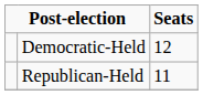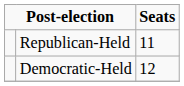 <table class= "wikitable">
 <tr>
 <td colspan= "2" rowspan= "1" align= "center" valign= "top"><strong>Post-election</strong></td>
 <td valign= "top"><strong>Seats</strong><br></td>
 </tr>
 <tr>
 <td style="background-color:"> </td>
+<td>Republican-Held</td>
+<td>11</td>
+</tr>
+<tr>
+<td style="background-color:"> </td>
 <td>Democratic-Held</td>
 <td>12</td>
 </tr>
 <tr>
-<td style="background-color:"> </td>
-<td>Republican-Held</td>
-<td>11</td>
-</tr>
-<tr>
 </tr>
 </table>
